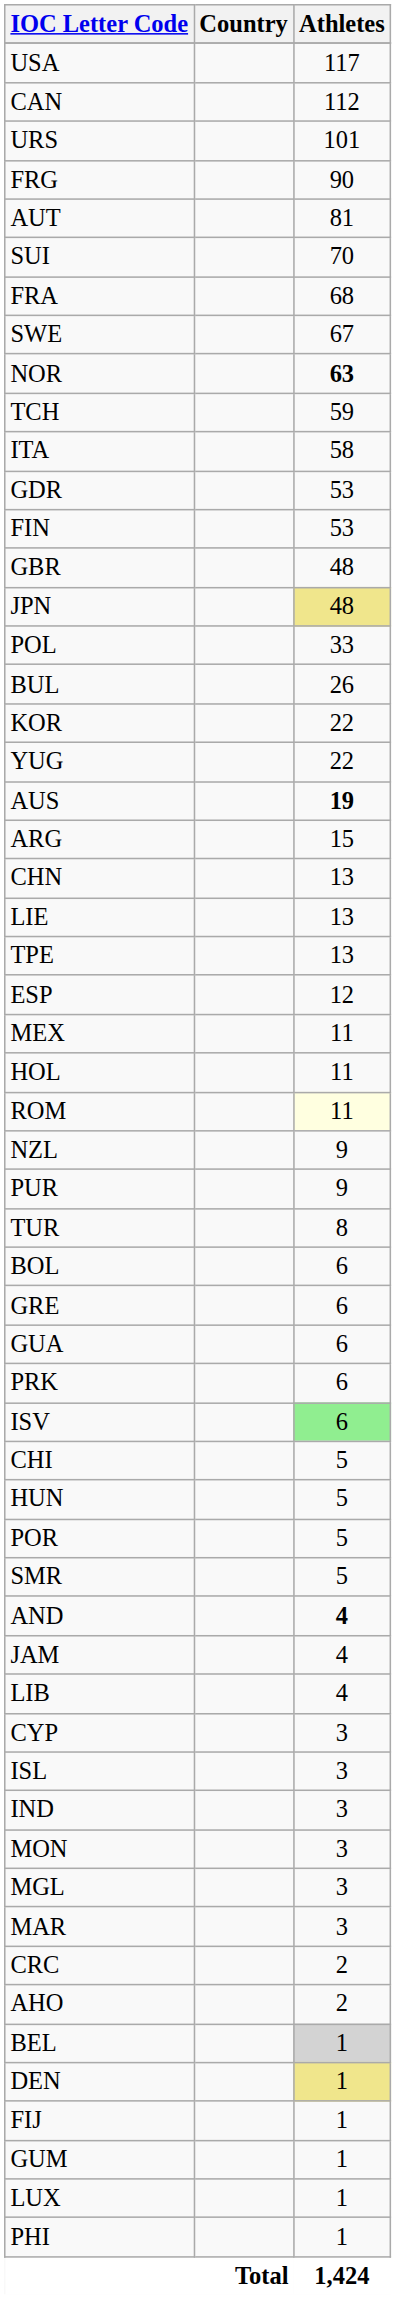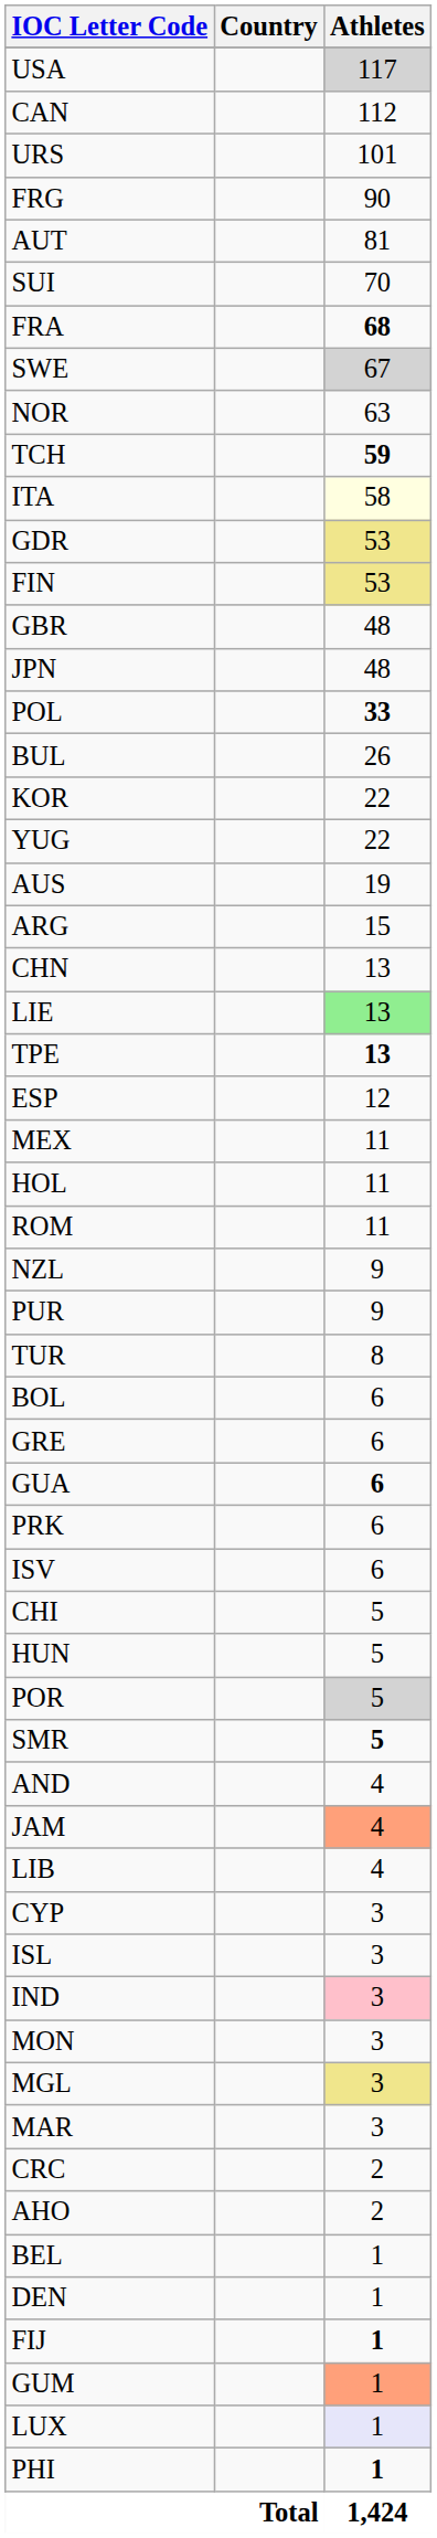 <table class="wikitable collapsible collapsed sortable" style="border:0;">
 <tr>
 <th><a href='#'>IOC Letter Code</a></th>
 <th>Country</th>
 <th>Athletes</th>
 </tr>
 <tr>
 </tr>
 <tr>
 <td>USA</td>
 <td></td>
-<td align=center>117</td>
+<td align=center style="background: lightgrey;">117</td>
 </tr>
 <tr>
 <td>CAN</td>
 <td></td>
 <td align=center>112</td>
 </tr>
 <tr>
 <td>URS</td>
 <td></td>
 <td align=center>101</td>
 </tr>
 <tr>
 <td>FRG</td>
 <td></td>
 <td align=center>90</td>
 </tr>
 <tr>
 <td>AUT</td>
 <td></td>
 <td align=center>81</td>
 </tr>
 <tr>
 <td>SUI</td>
 <td></td>
 <td align=center>70</td>
 </tr>
 <tr>
 <td>FRA</td>
 <td></td>
-<td align=center>68</td>
+<td align=center><strong>68</strong></td>
 </tr>
 <tr>
 <td>SWE</td>
 <td></td>
-<td align=center>67</td>
+<td align=center style="background: lightgrey;">67</td>
 </tr>
 <tr>
 <td>NOR</td>
 <td></td>
-<td align=center><strong>63</strong></td>
+<td align=center>63</td>
 </tr>
 <tr>
 <td>TCH</td>
 <td></td>
-<td align=center>59</td>
+<td align=center><strong>59</strong></td>
 </tr>
 <tr>
 <td>ITA</td>
 <td></td>
-<td align=center>58</td>
+<td align=center style="background: lightyellow;">58</td>
 </tr>
 <tr>
 <td>GDR</td>
 <td></td>
-<td align=center>53</td>
+<td align=center style="background: khaki;">53</td>
 </tr>
 <tr>
 <td>FIN</td>
 <td></td>
-<td align=center>53</td>
+<td align=center style="background: khaki;">53</td>
 </tr>
 <tr>
 <td>GBR</td>
 <td></td>
 <td align=center>48</td>
 </tr>
 <tr>
 <td>JPN</td>
 <td></td>
-<td align=center style="background: khaki;">48</td>
+<td align=center>48</td>
 </tr>
 <tr>
 <td>POL</td>
 <td></td>
-<td align=center>33</td>
+<td align=center><strong>33</strong></td>
 </tr>
 <tr>
 <td>BUL</td>
 <td></td>
 <td align=center>26</td>
 </tr>
 <tr>
 <td>KOR</td>
 <td></td>
 <td align=center>22</td>
 </tr>
 <tr>
 <td>YUG</td>
 <td></td>
 <td align=center>22</td>
 </tr>
 <tr>
 <td>AUS</td>
 <td></td>
-<td align=center><strong>19</strong></td>
+<td align=center>19</td>
 </tr>
 <tr>
 <td>ARG</td>
 <td></td>
 <td align=center>15</td>
 </tr>
 <tr>
 <td>CHN</td>
 <td></td>
 <td align=center>13</td>
 </tr>
 <tr>
 <td>LIE</td>
 <td></td>
-<td align=center>13</td>
+<td align=center style="background: lightgreen;">13</td>
 </tr>
 <tr>
 <td>TPE</td>
 <td></td>
-<td align=center>13</td>
+<td align=center><strong>13</strong></td>
 </tr>
 <tr>
 <td>ESP</td>
 <td></td>
 <td align=center>12</td>
 </tr>
 <tr>
 <td>MEX</td>
 <td></td>
 <td align=center>11</td>
 </tr>
 <tr>
 <td>HOL</td>
 <td></td>
 <td align=center>11</td>
 </tr>
 <tr>
 <td>ROM</td>
 <td></td>
-<td align=center style="background: lightyellow;">11</td>
+<td align=center>11</td>
 </tr>
 <tr>
 <td>NZL</td>
 <td></td>
 <td align=center>9</td>
 </tr>
 <tr>
 <td>PUR</td>
 <td></td>
 <td align=center>9</td>
 </tr>
 <tr>
 <td>TUR</td>
 <td></td>
 <td align=center>8</td>
 </tr>
 <tr>
 <td>BOL</td>
 <td></td>
 <td align=center>6</td>
 </tr>
 <tr>
 <td>GRE</td>
 <td></td>
 <td align=center>6</td>
 </tr>
 <tr>
 <td>GUA</td>
 <td></td>
-<td align=center>6</td>
+<td align=center><strong>6</strong></td>
 </tr>
 <tr>
 <td>PRK</td>
 <td></td>
 <td align=center>6</td>
 </tr>
 <tr>
 <td>ISV</td>
 <td></td>
-<td align=center style="background: lightgreen;">6</td>
+<td align=center>6</td>
 </tr>
 <tr>
 <td>CHI</td>
 <td></td>
 <td align=center>5</td>
 </tr>
 <tr>
 <td>HUN</td>
 <td></td>
 <td align=center>5</td>
 </tr>
 <tr>
 <td>POR</td>
 <td></td>
-<td align=center>5</td>
+<td align=center style="background: lightgrey;">5</td>
 </tr>
 <tr>
 <td>SMR</td>
 <td></td>
-<td align=center>5</td>
+<td align=center><strong>5</strong></td>
 </tr>
 <tr>
 <td>AND</td>
 <td></td>
-<td align=center><strong>4</strong></td>
+<td align=center>4</td>
 </tr>
 <tr>
 <td>JAM</td>
 <td></td>
-<td align=center>4</td>
+<td align=center style="background: lightsalmon;">4</td>
 </tr>
 <tr>
 <td>LIB</td>
 <td></td>
 <td align=center>4</td>
 </tr>
 <tr>
 <td>CYP</td>
 <td></td>
 <td align=center>3</td>
 </tr>
 <tr>
 <td>ISL</td>
 <td></td>
 <td align=center>3</td>
 </tr>
 <tr>
 <td>IND</td>
 <td></td>
-<td align=center>3</td>
+<td align=center style="background: pink;">3</td>
 </tr>
 <tr>
 <td>MON</td>
 <td></td>
 <td align=center>3</td>
 </tr>
 <tr>
 <td>MGL</td>
 <td></td>
-<td align=center>3</td>
+<td align=center style="background: khaki;">3</td>
 </tr>
 <tr>
 <td>MAR</td>
 <td></td>
 <td align=center>3</td>
 </tr>
 <tr>
 <td>CRC</td>
 <td></td>
 <td align=center>2</td>
 </tr>
 <tr>
 <td>AHO</td>
 <td></td>
 <td align=center>2</td>
 </tr>
 <tr>
 <td>BEL</td>
 <td></td>
-<td align=center style="background: lightgrey;">1</td>
+<td align=center>1</td>
 </tr>
 <tr>
 <td>DEN</td>
 <td></td>
-<td align=center style="background: khaki;">1</td>
+<td align=center>1</td>
 </tr>
 <tr>
 <td>FIJ</td>
 <td></td>
-<td align=center>1</td>
+<td align=center><strong>1</strong></td>
 </tr>
 <tr>
 <td>GUM</td>
 <td></td>
-<td align=center>1</td>
+<td align=center style="background: lightsalmon;">1</td>
 </tr>
 <tr>
 <td>LUX</td>
 <td></td>
-<td align=center>1</td>
+<td align=center style="background: lavender;">1</td>
 </tr>
 <tr>
 <td>PHI</td>
 <td></td>
-<td align=center>1</td>
+<td align=center><strong>1</strong></td>
 </tr>
 <tr class="sortbottom">
 <td colspan=2; style="text-align:right; border:0px; background:#fff;"><strong>Total</strong></td>
 <td style="text-align:center; border:0px; background:#fff;"><strong>1,424</strong></td>
 </tr>
 <tr>
 </tr>
 </table>
